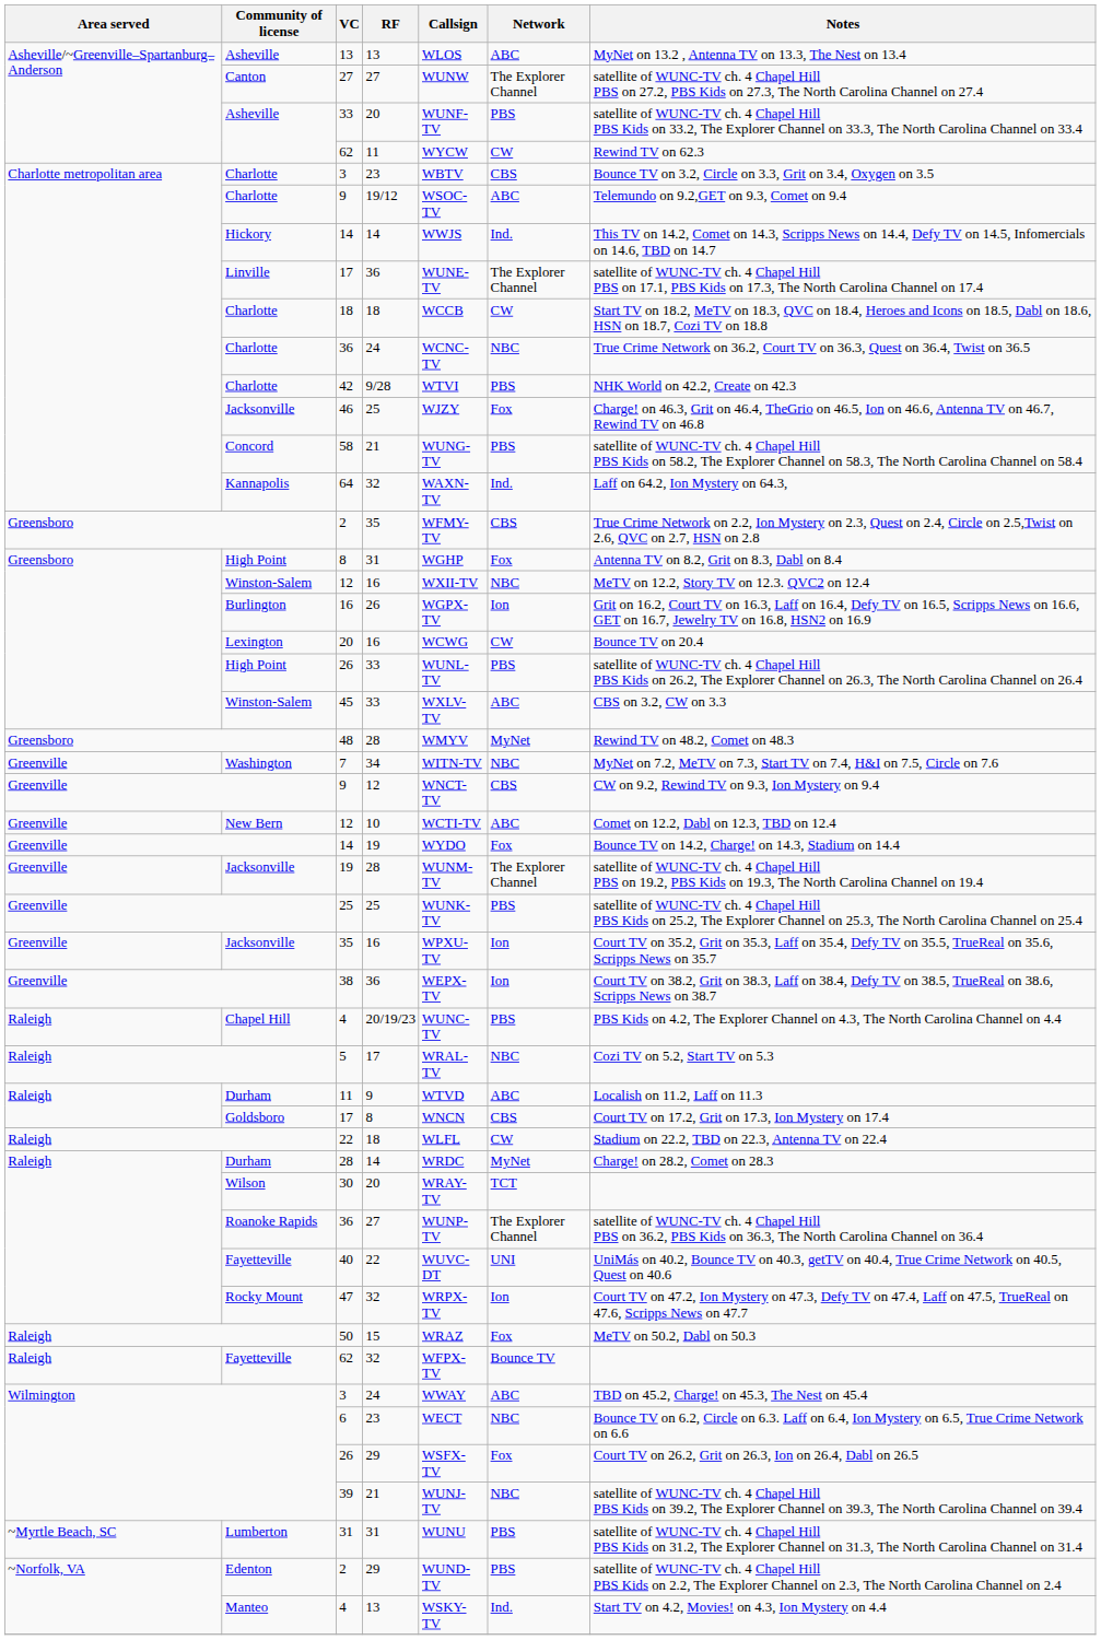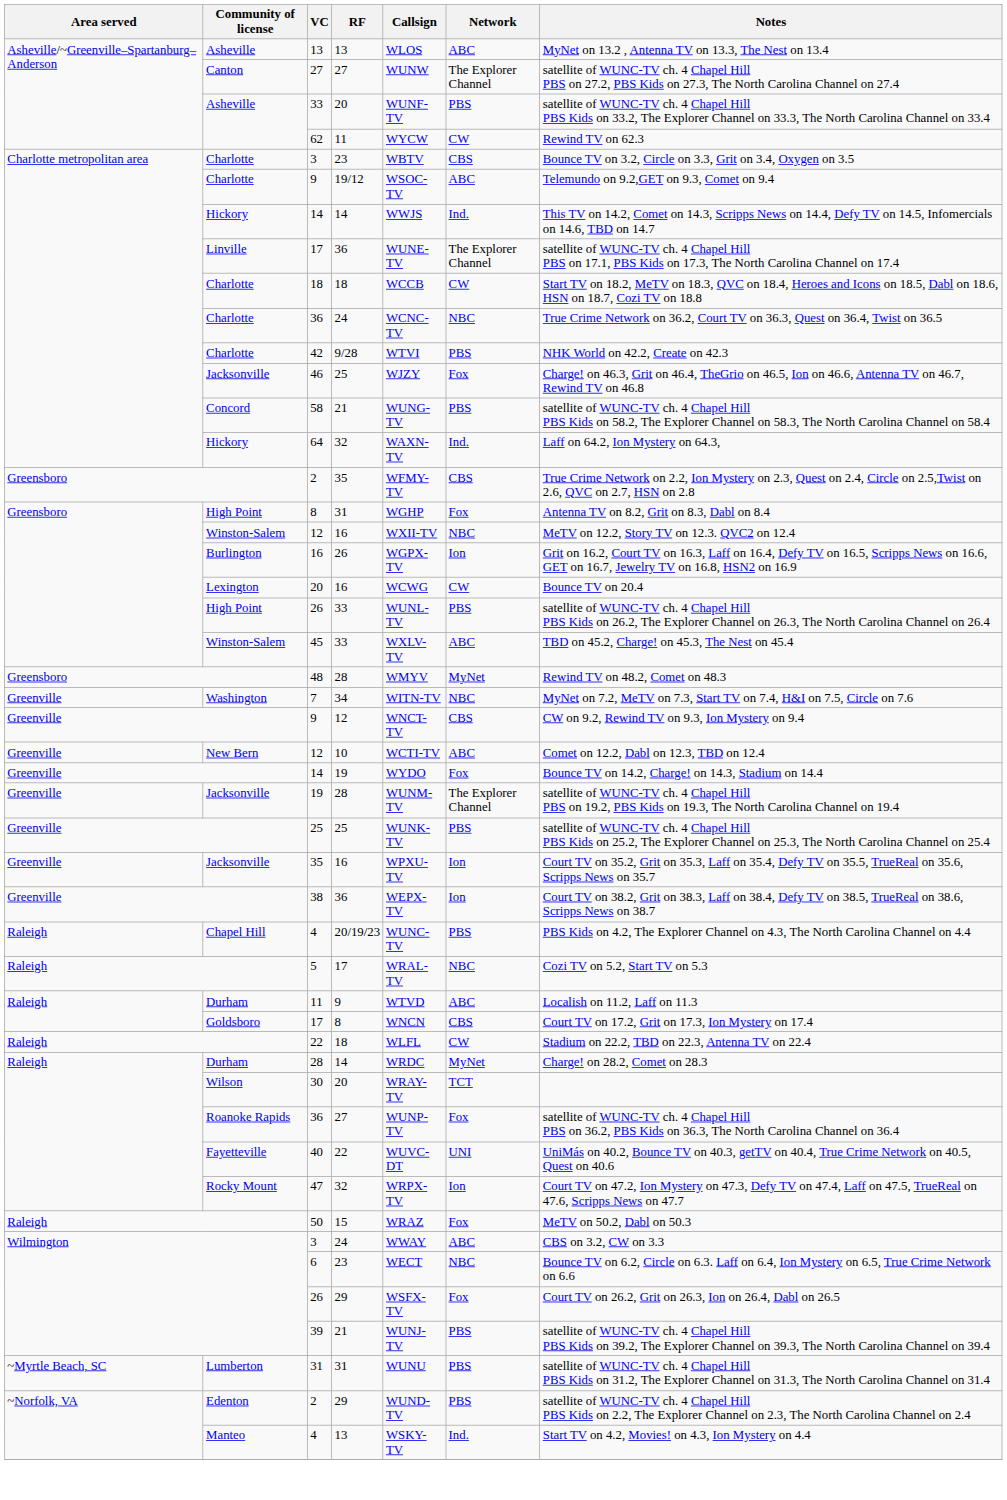 <table class="sortable wikitable" style="margin: 1em 1em 1em 0; background: #f9f9f9;">
 <tr>
 <th>Area served</th>
 <th>Community of license</th>
 <th>VC</th>
 <th>RF</th>
 <th>Callsign</th>
 <th>Network</th>
 <th class="unsortable">Notes</th>
 </tr>
 <tr style="vertical-align: top; text-align: left;">
 <td rowspan="4"><a href='#'>Asheville</a>/~<a href='#'>Greenville–Spartanburg–Anderson</a></td>
 <td><a href='#'>Asheville</a></td>
 <td>13</td>
 <td>13</td>
 <td><a href='#'>WLOS</a></td>
 <td><a href='#'>ABC</a></td>
 <td><a href='#'>MyNet</a> on 13.2 , <a href='#'>Antenna TV</a> on 13.3, <a href='#'>The Nest</a> on 13.4</td>
 </tr>
 <tr style="vertical-align: top; text-align: left;">
 <td><a href='#'>Canton</a></td>
 <td>27</td>
 <td>27</td>
 <td><a href='#'>WUNW</a></td>
 <td>The Explorer Channel</td>
 <td>satellite of <a href='#'>WUNC-TV</a> ch. 4 <a href='#'>Chapel Hill</a><br><a href='#'>PBS</a> on 27.2, <a href='#'>PBS Kids</a> on 27.3, The North Carolina Channel on 27.4</td>
 </tr>
 <tr style="vertical-align: top; text-align: left;">
 <td rowspan="2"><a href='#'>Asheville</a></td>
 <td>33</td>
 <td>20</td>
 <td><a href='#'>WUNF-TV</a></td>
 <td><a href='#'>PBS</a></td>
 <td>satellite of <a href='#'>WUNC-TV</a> ch. 4 <a href='#'>Chapel Hill</a><br><a href='#'>PBS Kids</a> on 33.2, The Explorer Channel on 33.3, The North Carolina Channel on 33.4</td>
 </tr>
 <tr style="vertical-align: top; text-align: left;">
 <td>62</td>
 <td>11</td>
 <td><a href='#'>WYCW</a></td>
 <td><a href='#'>CW</a></td>
 <td><a href='#'>Rewind TV</a> on 62.3</td>
 </tr>
 <tr style="vertical-align: top; text-align: left;">
 <td rowspan="10"><a href='#'>Charlotte metropolitan area</a></td>
 <td><a href='#'>Charlotte</a></td>
 <td>3</td>
 <td>23</td>
 <td><a href='#'>WBTV</a></td>
 <td><a href='#'>CBS</a></td>
 <td><a href='#'>Bounce TV</a> on 3.2, <a href='#'>Circle</a> on 3.3, <a href='#'>Grit</a> on 3.4, <a href='#'>Oxygen</a> on 3.5</td>
 </tr>
 <tr style="vertical-align: top; text-align: left;">
 <td><a href='#'>Charlotte</a></td>
 <td>9</td>
 <td>19/12</td>
 <td><a href='#'>WSOC-TV</a></td>
 <td><a href='#'>ABC</a></td>
 <td><a href='#'>Telemundo</a> on 9.2,<a href='#'>GET</a> on 9.3, <a href='#'>Comet</a> on 9.4</td>
 </tr>
 <tr style="vertical-align: top; text-align: left;">
 <td><a href='#'>Hickory</a></td>
 <td>14</td>
 <td>14</td>
 <td><a href='#'>WWJS</a></td>
 <td><a href='#'>Ind.</a></td>
 <td><a href='#'>This TV</a> on 14.2, <a href='#'>Comet</a> on 14.3, <a href='#'>Scripps News</a> on 14.4, <a href='#'>Defy TV</a> on 14.5, Infomercials on 14.6, <a href='#'>TBD</a> on 14.7</td>
 </tr>
 <tr style="vertical-align: top; text-align: left;">
 <td><a href='#'>Linville</a></td>
 <td>17</td>
 <td>36</td>
 <td><a href='#'>WUNE-TV</a></td>
 <td>The Explorer Channel</td>
 <td>satellite of <a href='#'>WUNC-TV</a> ch. 4 <a href='#'>Chapel Hill</a><br><a href='#'>PBS</a> on 17.1, <a href='#'>PBS Kids</a> on 17.3, The North Carolina Channel on 17.4</td>
 </tr>
 <tr style="vertical-align: top; text-align: left;">
 <td><a href='#'>Charlotte</a></td>
 <td>18</td>
 <td>18</td>
 <td><a href='#'>WCCB</a></td>
 <td><a href='#'>CW</a></td>
 <td><a href='#'>Start TV</a> on 18.2, <a href='#'>MeTV</a> on 18.3, <a href='#'>QVC</a> on 18.4, <a href='#'>Heroes and Icons</a> on 18.5, <a href='#'>Dabl</a> on 18.6, <a href='#'>HSN</a> on 18.7, <a href='#'>Cozi TV</a> on 18.8</td>
 </tr>
 <tr style="vertical-align: top; text-align: left;">
 <td><a href='#'>Charlotte</a></td>
 <td>36</td>
 <td>24</td>
 <td><a href='#'>WCNC-TV</a></td>
 <td><a href='#'>NBC</a></td>
 <td><a href='#'>True Crime Network</a> on 36.2, <a href='#'>Court TV</a> on 36.3, <a href='#'>Quest</a> on 36.4, <a href='#'>Twist</a> on 36.5</td>
 </tr>
 <tr style="vertical-align: top; text-align: left;">
 <td><a href='#'>Charlotte</a></td>
 <td>42</td>
 <td>9/28</td>
 <td><a href='#'>WTVI</a></td>
 <td><a href='#'>PBS</a></td>
 <td><a href='#'>NHK World</a> on 42.2, <a href='#'>Create</a> on 42.3</td>
 </tr>
 <tr style="vertical-align: top; text-align: left;">
 <td><a href='#'>Jacksonville</a></td>
 <td>46</td>
 <td>25</td>
 <td><a href='#'>WJZY</a></td>
 <td><a href='#'>Fox</a></td>
 <td><a href='#'>Charge!</a> on 46.3, <a href='#'>Grit</a> on 46.4, <a href='#'>TheGrio</a> on 46.5, <a href='#'>Ion</a> on 46.6, <a href='#'>Antenna TV</a> on 46.7, <a href='#'>Rewind TV</a> on 46.8</td>
 </tr>
 <tr style="vertical-align: top; text-align: left;">
 <td><a href='#'>Concord</a></td>
 <td>58</td>
 <td>21</td>
 <td><a href='#'>WUNG-TV</a></td>
 <td><a href='#'>PBS</a></td>
 <td>satellite of <a href='#'>WUNC-TV</a> ch. 4 <a href='#'>Chapel Hill</a><br><a href='#'>PBS Kids</a> on 58.2, The Explorer Channel on 58.3, The North Carolina Channel on 58.4</td>
 </tr>
 <tr style="vertical-align: top; text-align: left;">
-<td><a href='#'>Kannapolis</a></td>
+<td><a href='#'>Hickory</a></td>
 <td>64</td>
 <td>32</td>
 <td><a href='#'>WAXN-TV</a></td>
 <td><a href='#'>Ind.</a></td>
 <td><a href='#'>Laff</a> on 64.2, <a href='#'>Ion Mystery</a> on 64.3,</td>
 </tr>
 <tr style="vertical-align: top; text-align: left;">
 <td colspan="2" rowspan="1"><a href='#'>Greensboro</a></td>
 <td>2</td>
 <td>35</td>
 <td><a href='#'>WFMY-TV</a></td>
 <td><a href='#'>CBS</a></td>
 <td><a href='#'>True Crime Network</a> on 2.2, <a href='#'>Ion Mystery</a> on 2.3, <a href='#'>Quest</a> on 2.4, <a href='#'>Circle</a> on 2.5,<a href='#'>Twist</a> on 2.6, <a href='#'>QVC</a> on 2.7, <a href='#'>HSN</a> on 2.8</td>
 </tr>
 <tr style="vertical-align: top; text-align: left;">
 <td rowspan="6"><a href='#'>Greensboro</a></td>
 <td><a href='#'>High Point</a></td>
 <td>8</td>
 <td>31</td>
 <td><a href='#'>WGHP</a></td>
 <td><a href='#'>Fox</a></td>
 <td><a href='#'>Antenna TV</a> on 8.2, <a href='#'>Grit</a> on 8.3, <a href='#'>Dabl</a> on 8.4</td>
 </tr>
 <tr style="vertical-align: top; text-align: left;">
 <td><a href='#'>Winston-Salem</a></td>
 <td>12</td>
 <td>16</td>
 <td><a href='#'>WXII-TV</a></td>
 <td><a href='#'>NBC</a></td>
 <td><a href='#'>MeTV</a> on 12.2, <a href='#'>Story TV</a> on 12.3. <a href='#'>QVC2</a> on 12.4</td>
 </tr>
 <tr style="vertical-align: top; text-align: left;">
 <td><a href='#'>Burlington</a></td>
 <td>16</td>
 <td>26</td>
 <td><a href='#'>WGPX-TV</a></td>
 <td><a href='#'>Ion</a></td>
 <td><a href='#'>Grit</a> on 16.2, <a href='#'>Court TV</a> on 16.3, <a href='#'>Laff</a> on 16.4, <a href='#'>Defy TV</a> on 16.5, <a href='#'>Scripps News</a> on 16.6, <a href='#'>GET</a> on 16.7, <a href='#'>Jewelry TV</a> on 16.8, <a href='#'>HSN2</a> on 16.9</td>
 </tr>
 <tr style="vertical-align: top; text-align: left;">
 <td><a href='#'>Lexington</a></td>
 <td>20</td>
 <td>16</td>
 <td><a href='#'>WCWG</a></td>
 <td><a href='#'>CW</a></td>
 <td><a href='#'>Bounce TV</a> on 20.4</td>
 </tr>
 <tr style="vertical-align: top; text-align: left;">
 <td><a href='#'>High Point</a></td>
 <td>26</td>
 <td>33</td>
 <td><a href='#'>WUNL-TV</a></td>
 <td><a href='#'>PBS</a></td>
 <td>satellite of <a href='#'>WUNC-TV</a> ch. 4 <a href='#'>Chapel Hill</a><br><a href='#'>PBS Kids</a> on 26.2, The Explorer Channel on 26.3, The North Carolina Channel on 26.4</td>
 </tr>
 <tr style="vertical-align: top; text-align: left;">
 <td><a href='#'>Winston-Salem</a></td>
 <td>45</td>
 <td>33</td>
 <td><a href='#'>WXLV-TV</a></td>
 <td><a href='#'>ABC</a></td>
-<td><a href='#'>CBS</a> on 3.2, <a href='#'>CW</a> on 3.3</td>
+<td><a href='#'>TBD</a> on 45.2, <a href='#'>Charge!</a> on 45.3, <a href='#'>The Nest</a> on 45.4</td>
 </tr>
 <tr style="vertical-align: top; text-align: left;">
 <td colspan="2" rowspan="1"><a href='#'>Greensboro</a></td>
 <td>48</td>
 <td>28</td>
 <td><a href='#'>WMYV</a></td>
 <td><a href='#'>MyNet</a></td>
 <td><a href='#'>Rewind TV</a> on 48.2, <a href='#'>Comet</a> on 48.3</td>
 </tr>
 <tr style="vertical-align: top; text-align: left;">
 <td><a href='#'>Greenville</a></td>
 <td><a href='#'>Washington</a></td>
 <td>7</td>
 <td>34</td>
 <td><a href='#'>WITN-TV</a></td>
 <td><a href='#'>NBC</a></td>
 <td><a href='#'>MyNet</a> on 7.2, <a href='#'>MeTV</a> on 7.3, <a href='#'>Start TV</a> on 7.4, <a href='#'>H&I</a> on 7.5, <a href='#'>Circle</a> on 7.6</td>
 </tr>
 <tr style="vertical-align: top; text-align: left;">
 <td colspan="2" rowspan="1"><a href='#'>Greenville</a></td>
 <td>9</td>
 <td>12</td>
 <td><a href='#'>WNCT-TV</a></td>
 <td><a href='#'>CBS</a></td>
 <td><a href='#'>CW</a> on 9.2, <a href='#'>Rewind TV</a> on 9.3, <a href='#'>Ion Mystery</a> on 9.4</td>
 </tr>
 <tr style="vertical-align: top; text-align: left;">
 <td><a href='#'>Greenville</a></td>
 <td><a href='#'>New Bern</a></td>
 <td>12</td>
 <td>10</td>
 <td><a href='#'>WCTI-TV</a></td>
 <td><a href='#'>ABC</a></td>
 <td><a href='#'>Comet</a> on 12.2, <a href='#'>Dabl</a> on 12.3, <a href='#'>TBD</a> on 12.4</td>
 </tr>
 <tr style="vertical-align: top; text-align: left;">
 <td colspan="2" rowspan="1"><a href='#'>Greenville</a></td>
 <td>14</td>
 <td>19</td>
 <td><a href='#'>WYDO</a></td>
 <td><a href='#'>Fox</a></td>
 <td><a href='#'>Bounce TV</a> on 14.2, <a href='#'>Charge!</a> on 14.3, <a href='#'>Stadium</a> on 14.4</td>
 </tr>
 <tr style="vertical-align: top; text-align: left;">
 <td><a href='#'>Greenville</a></td>
 <td><a href='#'>Jacksonville</a></td>
 <td>19</td>
 <td>28</td>
 <td><a href='#'>WUNM-TV</a></td>
 <td>The Explorer Channel</td>
 <td>satellite of <a href='#'>WUNC-TV</a> ch. 4 <a href='#'>Chapel Hill</a><br><a href='#'>PBS</a> on 19.2, <a href='#'>PBS Kids</a> on 19.3, The North Carolina Channel on 19.4</td>
 </tr>
 <tr style="vertical-align: top; text-align: left;">
 <td colspan="2" rowspan="1"><a href='#'>Greenville</a></td>
 <td>25</td>
 <td>25</td>
 <td><a href='#'>WUNK-TV</a></td>
 <td><a href='#'>PBS</a></td>
 <td>satellite of <a href='#'>WUNC-TV</a> ch. 4 <a href='#'>Chapel Hill</a><br><a href='#'>PBS Kids</a> on 25.2, The Explorer Channel on 25.3, The North Carolina Channel on 25.4</td>
 </tr>
 <tr style="vertical-align: top; text-align: left;">
 <td><a href='#'>Greenville</a></td>
 <td><a href='#'>Jacksonville</a></td>
 <td>35</td>
 <td>16</td>
 <td><a href='#'>WPXU-TV</a></td>
 <td><a href='#'>Ion</a></td>
 <td><a href='#'>Court TV</a> on 35.2, <a href='#'>Grit</a> on 35.3, <a href='#'>Laff</a> on 35.4, <a href='#'>Defy TV</a> on 35.5, <a href='#'>TrueReal</a> on 35.6, <a href='#'>Scripps News</a> on 35.7</td>
 </tr>
 <tr style="vertical-align: top; text-align: left;">
 <td colspan="2" rowspan="1"><a href='#'>Greenville</a></td>
 <td>38</td>
 <td>36</td>
 <td><a href='#'>WEPX-TV</a></td>
 <td><a href='#'>Ion</a></td>
 <td><a href='#'>Court TV</a> on 38.2, <a href='#'>Grit</a> on 38.3, <a href='#'>Laff</a> on 38.4, <a href='#'>Defy TV</a> on 38.5, <a href='#'>TrueReal</a> on 38.6, <a href='#'>Scripps News</a> on 38.7</td>
 </tr>
 <tr style="vertical-align: top; text-align: left;">
 <td><a href='#'>Raleigh</a></td>
 <td><a href='#'>Chapel Hill</a></td>
 <td>4</td>
 <td>20/19/23</td>
 <td><a href='#'>WUNC-TV</a></td>
 <td><a href='#'>PBS</a></td>
 <td><a href='#'>PBS Kids</a> on 4.2, The Explorer Channel on 4.3, The North Carolina Channel on 4.4</td>
 </tr>
 <tr style="vertical-align: top; text-align: left;">
 <td colspan="2" rowspan="1"><a href='#'>Raleigh</a></td>
 <td>5</td>
 <td>17</td>
 <td><a href='#'>WRAL-TV</a></td>
 <td><a href='#'>NBC</a></td>
 <td><a href='#'>Cozi TV</a> on 5.2, <a href='#'>Start TV</a> on 5.3</td>
 </tr>
 <tr style="vertical-align: top; text-align: left;">
 <td rowspan="2"><a href='#'>Raleigh</a></td>
 <td><a href='#'>Durham</a></td>
 <td>11</td>
 <td>9</td>
 <td><a href='#'>WTVD</a></td>
 <td><a href='#'>ABC</a></td>
 <td><a href='#'>Localish</a> on 11.2, <a href='#'>Laff</a> on 11.3</td>
 </tr>
 <tr style="vertical-align: top; text-align: left;">
 <td><a href='#'>Goldsboro</a></td>
 <td>17</td>
 <td>8</td>
 <td><a href='#'>WNCN</a></td>
 <td><a href='#'>CBS</a></td>
 <td><a href='#'>Court TV</a> on 17.2, <a href='#'>Grit</a> on 17.3, <a href='#'>Ion Mystery</a> on 17.4</td>
 </tr>
 <tr style="vertical-align: top; text-align: left;">
 <td colspan="2" rowspan="1"><a href='#'>Raleigh</a></td>
 <td>22</td>
 <td>18</td>
 <td><a href='#'>WLFL</a></td>
 <td><a href='#'>CW</a></td>
 <td><a href='#'>Stadium</a> on 22.2, <a href='#'>TBD</a> on 22.3, <a href='#'>Antenna TV</a> on 22.4</td>
 </tr>
 <tr style="vertical-align: top; text-align: left;">
 <td rowspan="5"><a href='#'>Raleigh</a></td>
 <td><a href='#'>Durham</a></td>
 <td>28</td>
 <td>14</td>
 <td><a href='#'>WRDC</a></td>
 <td><a href='#'>MyNet</a></td>
 <td><a href='#'>Charge!</a> on 28.2, <a href='#'>Comet</a> on 28.3</td>
 </tr>
 <tr style="vertical-align: top; text-align: left;">
 <td><a href='#'>Wilson</a></td>
 <td>30</td>
 <td>20</td>
 <td><a href='#'>WRAY-TV</a></td>
 <td><a href='#'>TCT</a></td>
 <td></td>
 </tr>
 <tr style="vertical-align: top; text-align: left;">
 <td><a href='#'>Roanoke Rapids</a></td>
 <td>36</td>
 <td>27</td>
 <td><a href='#'>WUNP-TV</a></td>
-<td>The Explorer Channel</td>
+<td><a href='#'>Fox</a></td>
 <td>satellite of <a href='#'>WUNC-TV</a> ch. 4 <a href='#'>Chapel Hill</a><br><a href='#'>PBS</a> on 36.2, <a href='#'>PBS Kids</a> on 36.3, The North Carolina Channel on 36.4</td>
 </tr>
 <tr style="vertical-align: top; text-align: left;">
 <td><a href='#'>Fayetteville</a></td>
 <td>40</td>
 <td>22</td>
 <td><a href='#'>WUVC-DT</a></td>
 <td><a href='#'>UNI</a></td>
 <td><a href='#'>UniMás</a> on 40.2, <a href='#'>Bounce TV</a> on 40.3, <a href='#'>getTV</a> on 40.4, <a href='#'>True Crime Network</a> on 40.5, <a href='#'>Quest</a> on 40.6</td>
 </tr>
 <tr style="vertical-align: top; text-align: left;">
 <td><a href='#'>Rocky Mount</a></td>
 <td>47</td>
 <td>32</td>
 <td><a href='#'>WRPX-TV</a></td>
 <td><a href='#'>Ion</a></td>
 <td><a href='#'>Court TV</a> on 47.2, <a href='#'>Ion Mystery</a> on 47.3, <a href='#'>Defy TV</a> on 47.4, <a href='#'>Laff</a> on 47.5, <a href='#'>TrueReal</a> on 47.6, <a href='#'>Scripps News</a> on 47.7</td>
 </tr>
 <tr style="vertical-align: top; text-align: left;">
 <td colspan="2" rowspan="1"><a href='#'>Raleigh</a></td>
 <td>50</td>
 <td>15</td>
 <td><a href='#'>WRAZ</a></td>
 <td><a href='#'>Fox</a></td>
 <td><a href='#'>MeTV</a> on 50.2, <a href='#'>Dabl</a> on 50.3</td>
 </tr>
 <tr style="vertical-align: top; text-align: left;">
-<td><a href='#'>Raleigh</a></td>
-<td><a href='#'>Fayetteville</a></td>
-<td>62</td>
-<td>32</td>
-<td><a href='#'>WFPX-TV</a></td>
-<td><a href='#'>Bounce TV</a></td>
-<td></td>
-</tr>
-<tr style="vertical-align: top; text-align: left;">
 <td colspan="2" rowspan="4"><a href='#'>Wilmington</a></td>
 <td>3</td>
 <td>24</td>
 <td><a href='#'>WWAY</a></td>
 <td><a href='#'>ABC</a></td>
-<td><a href='#'>TBD</a> on 45.2, <a href='#'>Charge!</a> on 45.3, <a href='#'>The Nest</a> on 45.4</td>
+<td><a href='#'>CBS</a> on 3.2, <a href='#'>CW</a> on 3.3</td>
 </tr>
 <tr style="vertical-align: top; text-align: left;">
 <td>6</td>
 <td>23</td>
 <td><a href='#'>WECT</a></td>
 <td><a href='#'>NBC</a></td>
 <td><a href='#'>Bounce TV</a> on 6.2, <a href='#'>Circle</a> on 6.3. <a href='#'>Laff</a> on 6.4, <a href='#'>Ion Mystery</a> on 6.5, <a href='#'>True Crime Network</a> on 6.6</td>
 </tr>
 <tr style="vertical-align: top; text-align: left;">
 <td>26</td>
 <td>29</td>
 <td><a href='#'>WSFX-TV</a></td>
 <td><a href='#'>Fox</a></td>
 <td><a href='#'>Court TV</a> on 26.2, <a href='#'>Grit</a> on 26.3, <a href='#'>Ion</a> on 26.4, <a href='#'>Dabl</a> on 26.5</td>
 </tr>
 <tr style="vertical-align: top; text-align: left;">
 <td>39</td>
 <td>21</td>
 <td><a href='#'>WUNJ-TV</a></td>
-<td><a href='#'>NBC</a></td>
+<td><a href='#'>PBS</a></td>
 <td>satellite of <a href='#'>WUNC-TV</a> ch. 4 <a href='#'>Chapel Hill</a><br><a href='#'>PBS Kids</a> on 39.2, The Explorer Channel on 39.3, The North Carolina Channel on 39.4</td>
 </tr>
 <tr style="vertical-align: top; text-align: left;">
 <td>~<a href='#'>Myrtle Beach, SC</a></td>
 <td><a href='#'>Lumberton</a></td>
 <td>31</td>
 <td>31</td>
 <td><a href='#'>WUNU</a></td>
 <td><a href='#'>PBS</a></td>
 <td>satellite of <a href='#'>WUNC-TV</a> ch. 4 <a href='#'>Chapel Hill</a><br><a href='#'>PBS Kids</a> on 31.2, The Explorer Channel on 31.3, The North Carolina Channel on 31.4</td>
 </tr>
 <tr style="vertical-align: top; text-align: left;">
 <td rowspan="2">~<a href='#'>Norfolk, VA</a></td>
 <td><a href='#'>Edenton</a></td>
 <td>2</td>
 <td>29</td>
 <td><a href='#'>WUND-TV</a></td>
 <td><a href='#'>PBS</a></td>
 <td>satellite of <a href='#'>WUNC-TV</a> ch. 4 <a href='#'>Chapel Hill</a><br><a href='#'>PBS Kids</a> on 2.2, The Explorer Channel on 2.3, The North Carolina Channel on 2.4</td>
 </tr>
 <tr style="vertical-align: top; text-align: left;">
 <td><a href='#'>Manteo</a></td>
 <td>4</td>
 <td>13</td>
 <td><a href='#'>WSKY-TV</a></td>
 <td><a href='#'>Ind.</a></td>
 <td><a href='#'>Start TV</a> on 4.2, <a href='#'>Movies!</a> on 4.3, <a href='#'>Ion Mystery</a> on 4.4</td>
 </tr>
 <tr style="vertical-align: top; text-align: left;">
 </tr>
 </table>
